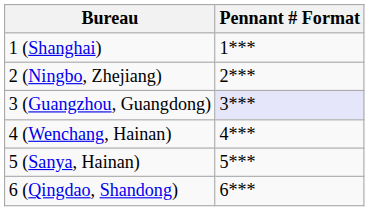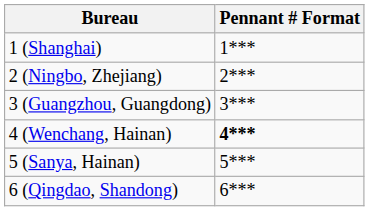 <table class="wikitable">
 <tr>
 <th>Bureau</th>
 <th>Pennant # Format</th>
 </tr>
 <tr>
 <td>1 (<a href='#'>Shanghai</a>)</td>
 <td>1***</td>
 </tr>
 <tr>
 <td>2 (<a href='#'>Ningbo</a>, Zhejiang)</td>
 <td>2***</td>
 </tr>
 <tr>
 <td>3 (<a href='#'>Guangzhou</a>, Guangdong)</td>
-<td style="background: lavender;">3***</td>
+<td>3***</td>
 </tr>
 <tr>
 <td>4 (<a href='#'>Wenchang</a>, Hainan)</td>
-<td>4***</td>
+<td><strong>4***</strong></td>
 </tr>
 <tr>
 <td>5 (<a href='#'>Sanya</a>, Hainan)</td>
 <td>5***</td>
 </tr>
 <tr>
 <td>6 (<a href='#'>Qingdao</a>, <a href='#'>Shandong</a>)</td>
 <td>6***</td>
 </tr>
 </table>
